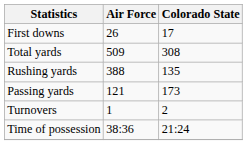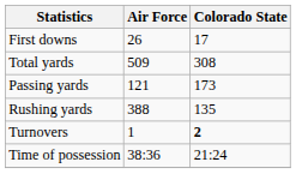 <table class="wikitable">
 <tr>
 <th>Statistics</th>
 <th>Air Force</th>
 <th>Colorado State</th>
 </tr>
 <tr>
 <td>First downs</td>
 <td>26</td>
 <td>17</td>
 </tr>
 <tr>
 <td>Total yards</td>
 <td>509</td>
 <td>308</td>
 </tr>
 <tr>
+<td>Passing yards</td>
+<td>121</td>
+<td>173</td>
+</tr>
+<tr>
 <td>Rushing yards</td>
 <td>388</td>
 <td>135</td>
 </tr>
 <tr>
-<td>Passing yards</td>
-<td>121</td>
-<td>173</td>
-</tr>
-<tr>
 <td>Turnovers</td>
 <td>1</td>
-<td>2</td>
+<td><strong>2</strong></td>
 </tr>
 <tr>
 <td>Time of possession</td>
 <td>38:36</td>
 <td>21:24</td>
 </tr>
 <tr>
 </tr>
 </table>
